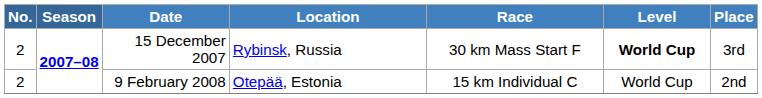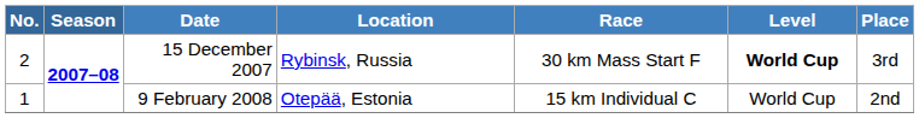 <table class="wikitable sortable" style="font-size:95%; text-align:center; border:grey solid 1px; border-collapse:collapse; background:#ffffff;">
 <tr style="background:#efefef;">
 <th style="background-color:#369; color:white;">No.</th>
 <th style="background-color:#369; color:white;">Season</th>
 <th style="background-color:#4180be; color:white; width:120px;">Date</th>
 <th style="background-color:#4180be; color:white; width:190px;">Location</th>
 <th style="background-color:#4180be; color:white; width:170px;">Race</th>
 <th style="background-color:#4180be; color:white; width:100px;">Level</th>
 <th style="background-color:#4180be; color:white;">Place</th>
 </tr>
 <tr>
 <td align=center>2</td>
 <td rowspan=2 align=center><strong><a href='#'>2007–08</a></strong></td>
 <td align=right>15 December 2007</td>
 <td align=left> <a href='#'>Rybinsk</a>, Russia</td>
 <td>30 km Mass Start F</td>
 <td><strong>World Cup</strong></td>
 <td>3rd</td>
 </tr>
 <tr>
-<td align=center>2</td>
+<td align=center>1</td>
 <td align=right>9 February 2008</td>
 <td align=left> <a href='#'>Otepää</a>, Estonia</td>
 <td>15 km Individual C</td>
 <td>World Cup</td>
 <td>2nd</td>
 </tr>
 <tr>
 </tr>
 </table>
